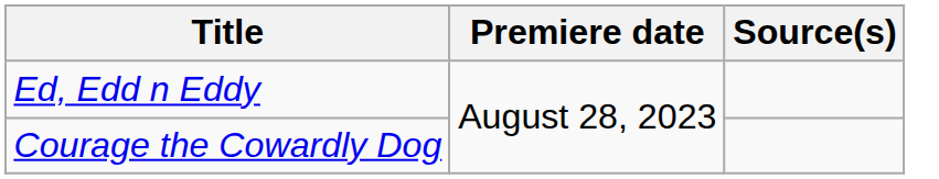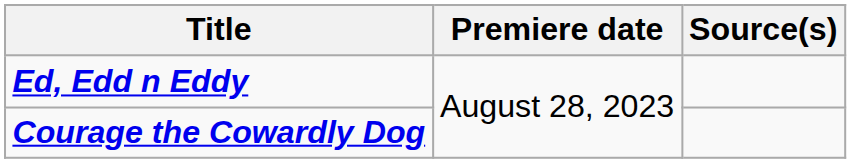 <table class="wikitable sortable">
 <tr>
 <th>Title</th>
 <th>Premiere date</th>
 <th>Source(s)</th>
 </tr>
 <tr>
-<td><em><a href='#'>Ed, Edd n Eddy</a></em></td>
+<td><strong><em><a href='#'>Ed, Edd n Eddy</a></em></strong></td>
 <td rowspan=2>August 28, 2023</td>
 <td></td>
 </tr>
 <tr>
-<td><em><a href='#'>Courage the Cowardly Dog</a></em></td>
+<td><strong><em><a href='#'>Courage the Cowardly Dog</a></em></strong></td>
 <td></td>
 </tr>
 </table>
